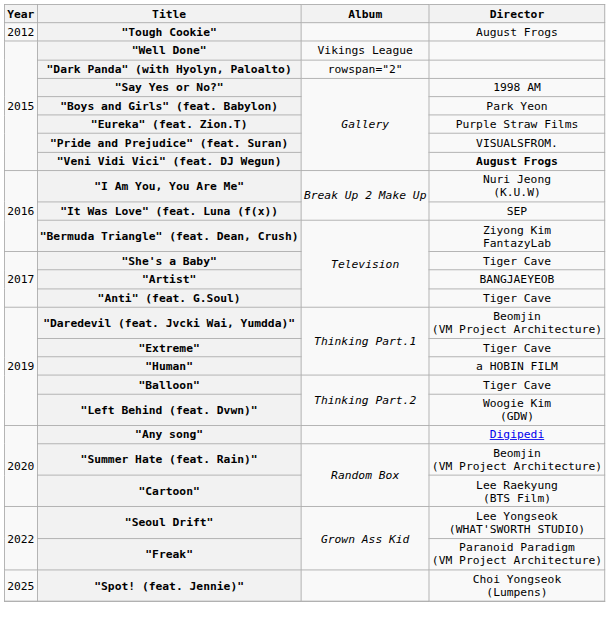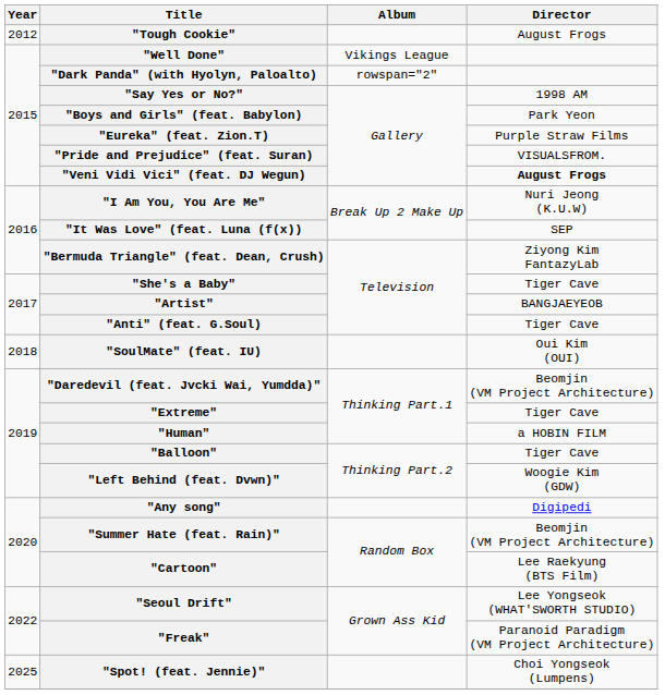 <table class="wikitable plainrowheaders" style="text-align:center; table-layout:fixed; margin-right:0">
 <tr>
 <th>Year</th>
 <th>Title</th>
 <th>Album</th>
 <th>Director</th>
 </tr>
 <tr>
 <td>2012</td>
 <th scope="row">"Tough Cookie"</th>
 <td></td>
 <td>August Frogs</td>
 </tr>
 <tr>
 <td rowspan=7>2015</td>
 <th scope="row">"Well Done"</th>
 <td>Vikings League</td>
 <td></td>
 </tr>
 <tr>
 <th scope="row">"Dark Panda" (with Hyolyn, Paloalto)</th>
 <td>rowspan="2" </td>
 </tr>
 <tr>
 <th scope="row">"Say Yes or No?"</th>
 <td rowspan=5><em>Gallery</em></td>
 <td>1998 AM</td>
 </tr>
 <tr>
 <th scope="row">"Boys and Girls" (feat. Babylon)</th>
 <td>Park Yeon</td>
 </tr>
 <tr>
 <th scope="row">"Eureka" (feat. Zion.T)</th>
 <td>Purple Straw Films</td>
 </tr>
 <tr>
 <th scope="row">"Pride and Prejudice" (feat. Suran)</th>
 <td>VISUALSFROM.</td>
 </tr>
 <tr>
 <th scope="row">"Veni Vidi Vici" (feat. DJ Wegun)</th>
 <td><strong>August Frogs</strong></td>
 </tr>
 <tr>
 <td rowspan=3>2016</td>
 <th scope="row">"I Am You, You Are Me"</th>
 <td rowspan="2"><em>Break Up 2 Make Up</em></td>
 <td>Nuri Jeong <br>(K.U.W)</td>
 </tr>
 <tr>
 <th scope="row">"It Was Love" (feat. Luna (f(x))</th>
 <td>SEP</td>
 </tr>
 <tr>
 <th scope="row">"Bermuda Triangle" (feat. Dean, Crush)</th>
 <td rowspan="4"><em>Television</em></td>
 <td>Ziyong Kim <br>FantazyLab</td>
 </tr>
 <tr>
 <td rowspan=3>2017</td>
 <th scope="row">"She's a Baby"</th>
 <td>Tiger Cave</td>
 </tr>
 <tr>
 <th scope="row">"Artist"</th>
 <td>BANGJAEYEOB</td>
 </tr>
 <tr>
 <th scope="row">"Anti" (feat. G.Soul)</th>
 <td>Tiger Cave</td>
 </tr>
 <tr>
+<td>2018</td>
+<th scope="row">"SoulMate" (feat. IU)</th>
+<td></td>
+<td>Oui Kim <br>(OUI)</td>
+</tr>
+<tr>
 <td rowspan=5>2019</td>
 <th scope="row">"Daredevil (feat. Jvcki Wai, Yumdda)"</th>
 <td rowspan="3"><em>Thinking Part.1</em></td>
 <td>Beomjin <br>(VM Project Architecture)</td>
 </tr>
 <tr>
 <th scope="row">"Extreme"</th>
 <td>Tiger Cave</td>
 </tr>
 <tr>
 <th scope="row">"Human"</th>
 <td>a HOBIN FILM</td>
 </tr>
 <tr>
 <th scope="row">"Balloon"</th>
 <td rowspan="2"><em>Thinking Part.2</em></td>
 <td>Tiger Cave</td>
 </tr>
 <tr>
 <th scope="row">"Left Behind (feat. Dvwn)"</th>
 <td>Woogie Kim <br>(GDW)</td>
 </tr>
 <tr>
 <td rowspan="3">2020</td>
 <th scope="row">"Any song"</th>
 <td></td>
 <td><a href='#'>Digipedi</a></td>
 </tr>
 <tr>
 <th scope="row">"Summer Hate (feat. Rain)"</th>
 <td rowspan=2><em>Random Box</em></td>
 <td>Beomjin <br>(VM Project Architecture)</td>
 </tr>
 <tr>
 <th scope="row">"Cartoon"</th>
 <td>Lee Raekyung <br>(BTS Film)</td>
 </tr>
 <tr>
 <td rowspan="2">2022</td>
 <th scope="row">"Seoul Drift"</th>
 <td rowspan=2><em>Grown Ass Kid</em></td>
 <td>Lee Yongseok <br>(WHAT'SWORTH STUDIO)</td>
 </tr>
 <tr>
 <th scope="row">"Freak"</th>
 <td>Paranoid Paradigm <br>(VM Project Architecture)</td>
 </tr>
 <tr>
 <td rowspan="1">2025</td>
 <th scope="row">"Spot! (feat. Jennie)"</th>
 <td></td>
 <td>Choi Yongseok <br>(Lumpens)</td>
 </tr>
 <tr>
 </tr>
 </table>
